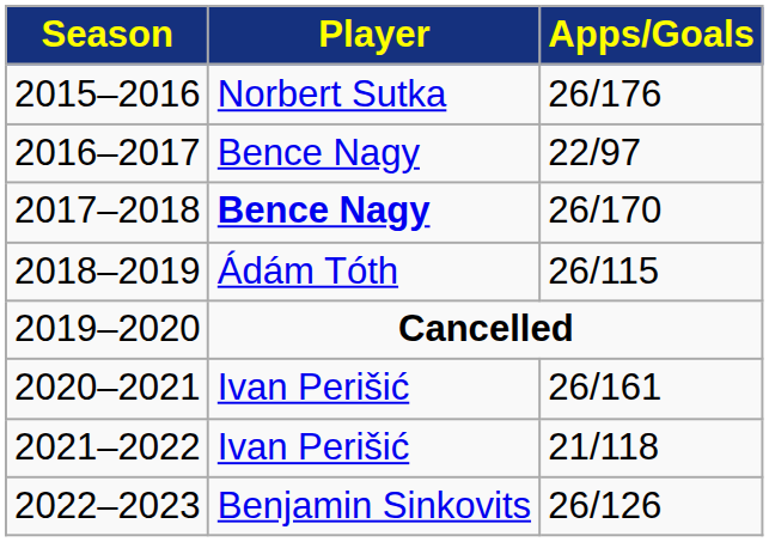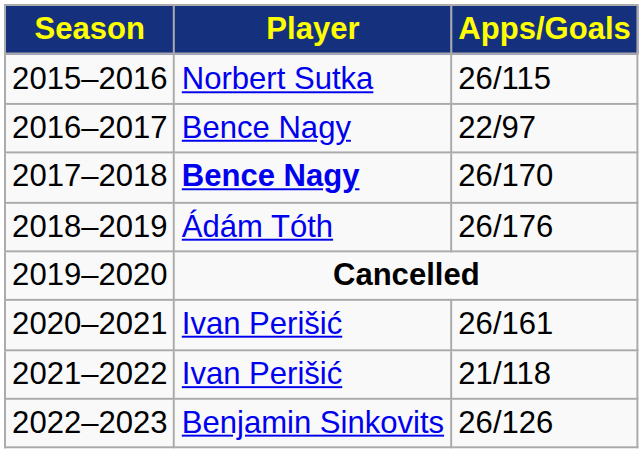 <table class="wikitable">
 <tr>
 <th style="color:yellow; background:#15317E">Season</th>
 <th style="color:yellow; background:#15317E">Player</th>
 <th style="color:yellow; background:#15317E">Apps/Goals</th>
 </tr>
 <tr>
 <td>2015–2016</td>
 <td> <a href='#'>Norbert Sutka</a></td>
-<td>26/176</td>
+<td>26/115</td>
 </tr>
 <tr>
 <td>2016–2017</td>
 <td> <a href='#'>Bence Nagy</a></td>
 <td>22/97</td>
 </tr>
 <tr>
 <td>2017–2018</td>
 <td><strong> <a href='#'>Bence Nagy</a></strong></td>
 <td>26/170</td>
 </tr>
 <tr>
 <td>2018–2019</td>
 <td> <a href='#'>Ádám Tóth</a></td>
-<td>26/115</td>
+<td>26/176</td>
 </tr>
 <tr>
 <td>2019–2020</td>
 <td colspan=2 align=center><strong>Cancelled</strong></td>
 </tr>
 <tr>
 <td>2020–2021</td>
 <td> <a href='#'>Ivan Perišić</a></td>
 <td>26/161</td>
 </tr>
 <tr>
 <td>2021–2022</td>
 <td> <a href='#'>Ivan Perišić</a></td>
 <td>21/118</td>
 </tr>
 <tr>
 <td>2022–2023</td>
 <td> <a href='#'>Benjamin Sinkovits</a></td>
 <td>26/126</td>
 </tr>
 </table>
